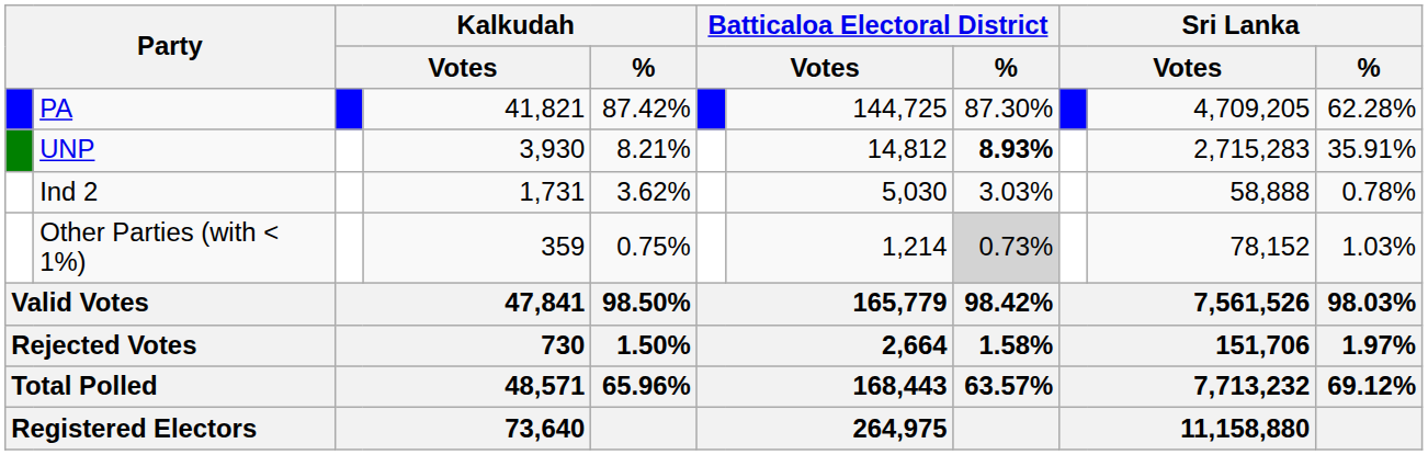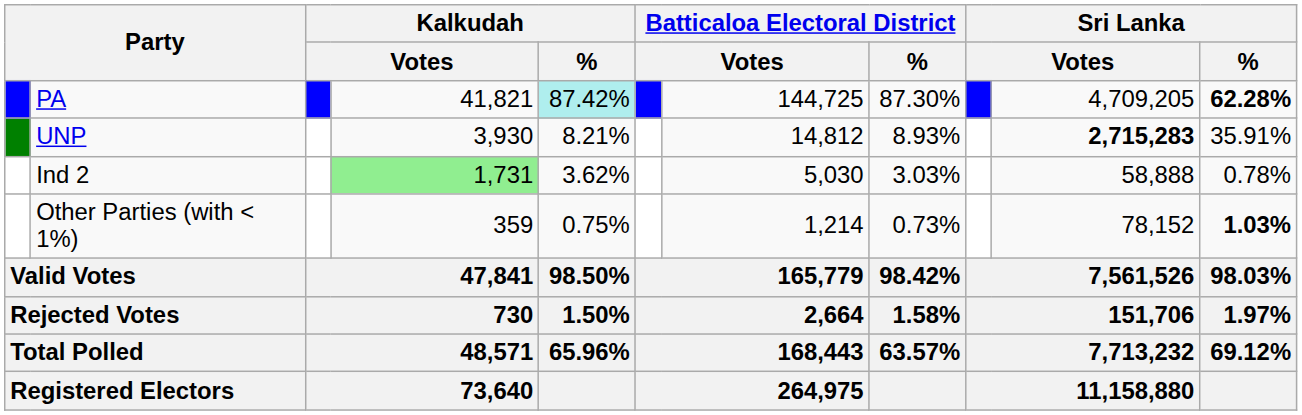 <table class="wikitable">
 <tr>
 <th colspan="2" width="144px"rowspan="2">Party</th>
 <th colspan="3" width="216px">Kalkudah</th>
 <th colspan="3" width="216px"><a href='#'>Batticaloa Electoral District</a></th>
 <th colspan="3" width="216px">Sri Lanka</th>
 </tr>
 <tr>
 <th colspan="2" width="144px">Votes</th>
 <th>%</th>
 <th colspan="2" width="144px">Votes</th>
 <th>%</th>
 <th colspan="2" width="144px">Votes</th>
 <th>%</th>
 </tr>
 <tr>
 <td style="background-color:blue;" width="10px"></td>
 <td style="text-align:left;"><a href='#'>PA</a></td>
 <td style="background-color:blue;" width="10px"></td>
 <td style="text-align:right;">41,821</td>
-<td style="text-align:right;">87.42%</td>
+<td style="background: paleturquoise; text-align:right;">87.42%</td>
 <td style="background-color:blue;" width="10px"></td>
 <td style="text-align:right;">144,725</td>
 <td style="text-align:right;">87.30%</td>
 <td style="background-color:blue;" width="10px"></td>
 <td style="text-align:right;">4,709,205</td>
-<td style="text-align:right;">62.28%</td>
+<td style="text-align:right;"><strong>62.28%</strong></td>
 </tr>
 <tr>
 <td style="background-color:green;" width="10px"></td>
 <td style="text-align:left;"><a href='#'>UNP</a></td>
 <td style="background-color:white;" width="10px"></td>
 <td style="text-align:right;">3,930</td>
 <td style="text-align:right;">8.21%</td>
 <td style="background-color:white;" width="10px"></td>
 <td style="text-align:right;">14,812</td>
-<td style="text-align:right;"><strong>8.93%</strong></td>
+<td style="text-align:right;">8.93%</td>
 <td style="background-color:white;" width="10px"></td>
-<td style="text-align:right;">2,715,283</td>
+<td style="text-align:right;"><strong>2,715,283</strong></td>
 <td style="text-align:right;">35.91%</td>
 </tr>
 <tr>
 <td style="background-color:white;" width="10px"></td>
 <td style="text-align:left;">Ind 2</td>
 <td style="background-color:white;" width="10px"></td>
-<td style="text-align:right;">1,731</td>
+<td style="background: lightgreen; text-align:right;">1,731</td>
 <td style="text-align:right;">3.62%</td>
 <td style="background-color:white;" width="10px"></td>
 <td style="text-align:right;">5,030</td>
 <td style="text-align:right;">3.03%</td>
 <td style="background-color:white;" width="10px"></td>
 <td style="text-align:right;">58,888</td>
 <td style="text-align:right;">0.78%</td>
 </tr>
 <tr>
 <td style="background-color:white;" width="10px"></td>
 <td style="text-align:left;">Other Parties (with < 1%)</td>
 <td style="background-color:white;" width="10px"></td>
 <td style="text-align:right;">359</td>
 <td style="text-align:right;">0.75%</td>
 <td style="background-color:white;" width="10px"></td>
 <td style="text-align:right;">1,214</td>
-<td style="background: lightgrey; text-align:right;">0.73%</td>
+<td style="text-align:right;">0.73%</td>
 <td style="background-color:white;" width="10px"></td>
 <td style="text-align:right;">78,152</td>
-<td style="text-align:right;">1.03%</td>
+<td style="text-align:right;"><strong>1.03%</strong></td>
 </tr>
 <tr>
 <th colspan="2" width="144px"style="text-align:left;">Valid Votes</th>
 <th style="text-align:right;"colspan="2" width="144px">47,841</th>
 <th style="text-align:right;">98.50%</th>
 <th style="text-align:right;"colspan="2" width="144px">165,779</th>
 <th style="text-align:right;">98.42%</th>
 <th style="text-align:right;"colspan="2" width="144px">7,561,526</th>
 <th style="text-align:right;">98.03%</th>
 </tr>
 <tr>
 <th colspan="2" width="144px"style="text-align:left;">Rejected Votes</th>
 <th style="text-align:right;"colspan="2" width="144px">730</th>
 <th style="text-align:right;">1.50%</th>
 <th style="text-align:right;"colspan="2" width="144px">2,664</th>
 <th style="text-align:right;">1.58%</th>
 <th style="text-align:right;"colspan="2" width="144px">151,706</th>
 <th style="text-align:right;">1.97%</th>
 </tr>
 <tr>
 <th colspan="2" width="144px"style="text-align:left;">Total Polled</th>
 <th style="text-align:right;"colspan="2" width="144px">48,571</th>
 <th style="text-align:right;">65.96%</th>
 <th style="text-align:right;"colspan="2" width="144px">168,443</th>
 <th style="text-align:right;">63.57%</th>
 <th style="text-align:right;"colspan="2" width="144px">7,713,232</th>
 <th style="text-align:right;">69.12%</th>
 </tr>
 <tr>
 <th colspan="2" width="144px"style="text-align:left;">Registered Electors</th>
 <th style="text-align:right;"colspan="2" width="144px">73,640</th>
 <th></th>
 <th style="text-align:right;"colspan="2" width="144px">264,975</th>
 <th></th>
 <th style="text-align:right;"colspan="2" width="144px">11,158,880</th>
 <th></th>
 </tr>
 </table>
